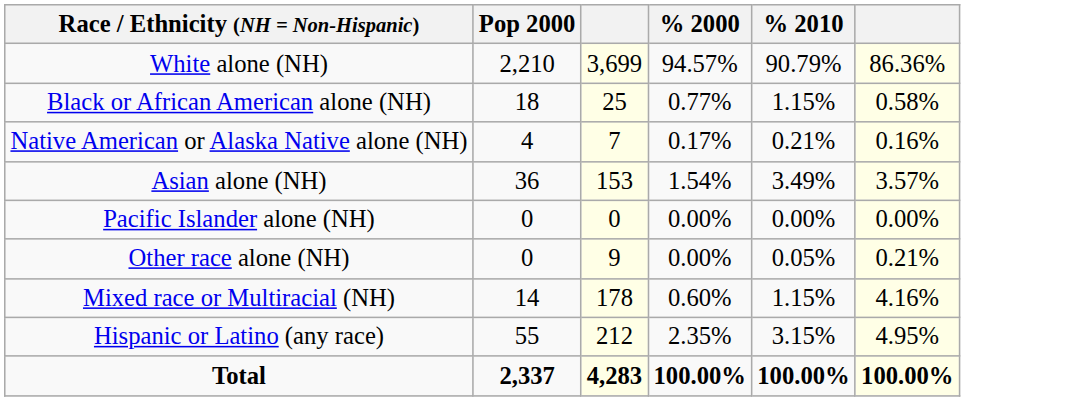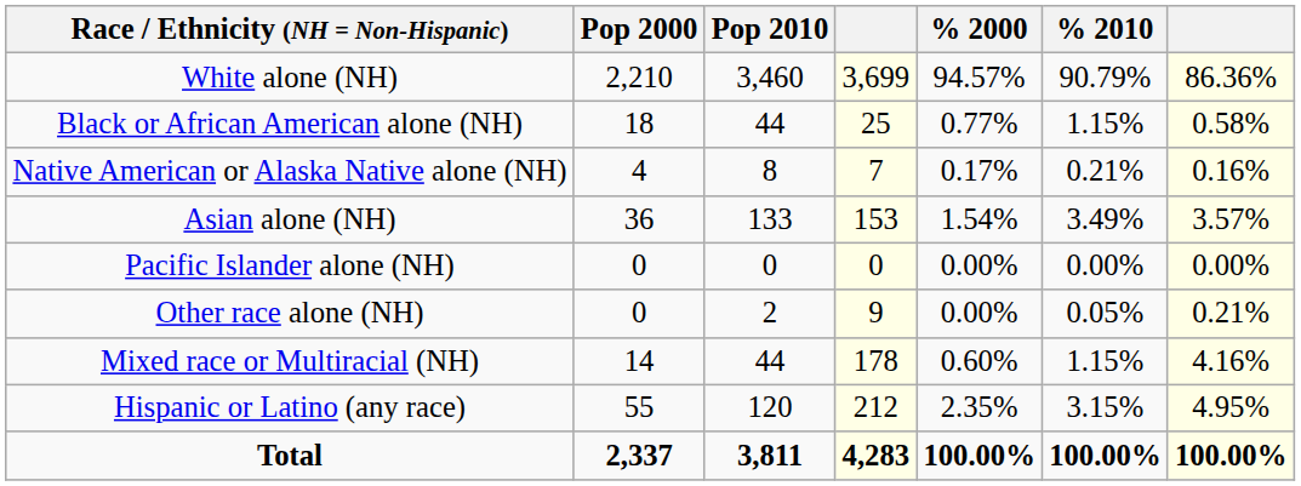 <table class="wikitable" style="text-align:center;">
 <tr>
 <th>Race / Ethnicity <small>(<em>NH = Non-Hispanic</em>)</small></th>
 <th>Pop 2000</th>
+<th>Pop 2010</th>
 <th></th>
 <th>% 2000</th>
 <th>% 2010</th>
 <th></th>
 </tr>
 <tr>
 <td><a href='#'>White</a> alone (NH)</td>
 <td>2,210</td>
+<td>3,460</td>
 <td style='background: #ffffe6;'>3,699</td>
 <td>94.57%</td>
 <td>90.79%</td>
 <td style='background: #ffffe6;'>86.36%</td>
 </tr>
 <tr>
 <td><a href='#'>Black or African American</a> alone (NH)</td>
 <td>18</td>
+<td>44</td>
 <td style='background: #ffffe6;'>25</td>
 <td>0.77%</td>
 <td>1.15%</td>
 <td style='background: #ffffe6;'>0.58%</td>
 </tr>
 <tr>
 <td><a href='#'>Native American</a> or <a href='#'>Alaska Native</a> alone (NH)</td>
 <td>4</td>
+<td>8</td>
 <td style='background: #ffffe6;'>7</td>
 <td>0.17%</td>
 <td>0.21%</td>
 <td style='background: #ffffe6;'>0.16%</td>
 </tr>
 <tr>
 <td><a href='#'>Asian</a> alone (NH)</td>
 <td>36</td>
+<td>133</td>
 <td style='background: #ffffe6;'>153</td>
 <td>1.54%</td>
 <td>3.49%</td>
 <td style='background: #ffffe6;'>3.57%</td>
 </tr>
 <tr>
 <td><a href='#'>Pacific Islander</a> alone (NH)</td>
+<td>0</td>
 <td>0</td>
 <td style='background: #ffffe6;'>0</td>
 <td>0.00%</td>
 <td>0.00%</td>
 <td style='background: #ffffe6;'>0.00%</td>
 </tr>
 <tr>
 <td><a href='#'>Other race</a> alone (NH)</td>
 <td>0</td>
+<td>2</td>
 <td style='background: #ffffe6;'>9</td>
 <td>0.00%</td>
 <td>0.05%</td>
 <td style='background: #ffffe6;'>0.21%</td>
 </tr>
 <tr>
 <td><a href='#'>Mixed race or Multiracial</a> (NH)</td>
 <td>14</td>
+<td>44</td>
 <td style='background: #ffffe6;'>178</td>
 <td>0.60%</td>
 <td>1.15%</td>
 <td style='background: #ffffe6;'>4.16%</td>
 </tr>
 <tr>
 <td><a href='#'>Hispanic or Latino</a> (any race)</td>
 <td>55</td>
+<td>120</td>
 <td style='background: #ffffe6;'>212</td>
 <td>2.35%</td>
 <td>3.15%</td>
 <td style='background: #ffffe6;'>4.95%</td>
 </tr>
 <tr>
 <td><strong>Total</strong></td>
 <td><strong>2,337</strong></td>
+<td><strong>3,811</strong></td>
 <td style='background: #ffffe6;'><strong>4,283</strong></td>
 <td><strong>100.00%</strong></td>
 <td><strong>100.00%</strong></td>
 <td style='background: #ffffe6;'><strong>100.00%</strong></td>
 </tr>
 </table>
